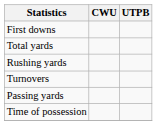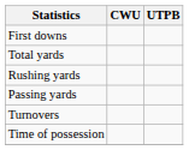 <table class="wikitable" style="float: left;">
 <tr>
 <th>Statistics</th>
 <th>CWU</th>
 <th>UTPB</th>
 </tr>
 <tr>
 <td>First downs</td>
 <td></td>
 <td></td>
 </tr>
 <tr>
 <td>Total yards</td>
 <td></td>
 <td></td>
 </tr>
 <tr>
 <td>Rushing yards</td>
 <td></td>
 <td></td>
 </tr>
 <tr>
-<td>Turnovers</td>
+<td>Passing yards</td>
 <td></td>
 <td></td>
 </tr>
 <tr>
-<td>Passing yards</td>
+<td>Turnovers</td>
 <td></td>
 <td></td>
 </tr>
 <tr>
 <td>Time of possession</td>
 <td></td>
 <td></td>
 </tr>
 <tr>
 </tr>
 </table>
